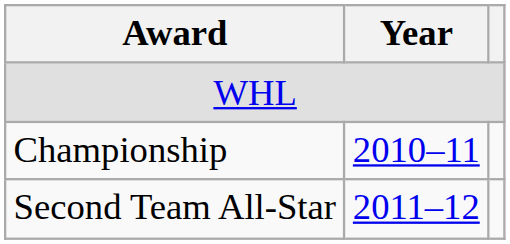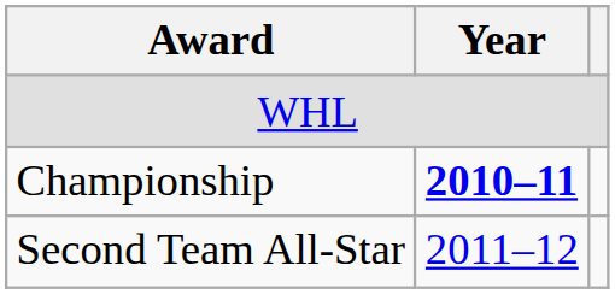 <table class="wikitable">
 <tr>
 <th>Award</th>
 <th>Year</th>
 <th></th>
 </tr>
 <tr ALIGN="center" bgcolor="#e0e0e0">
 <td colspan="3"><a href='#'>WHL</a></td>
 </tr>
 <tr>
 <td>Championship</td>
-<td><a href='#'>2010–11</a></td>
+<td><strong><a href='#'>2010–11</a></strong></td>
 <td></td>
 </tr>
 <tr>
 <td>Second Team All-Star</td>
 <td><a href='#'>2011–12</a></td>
 <td></td>
 </tr>
 </table>
